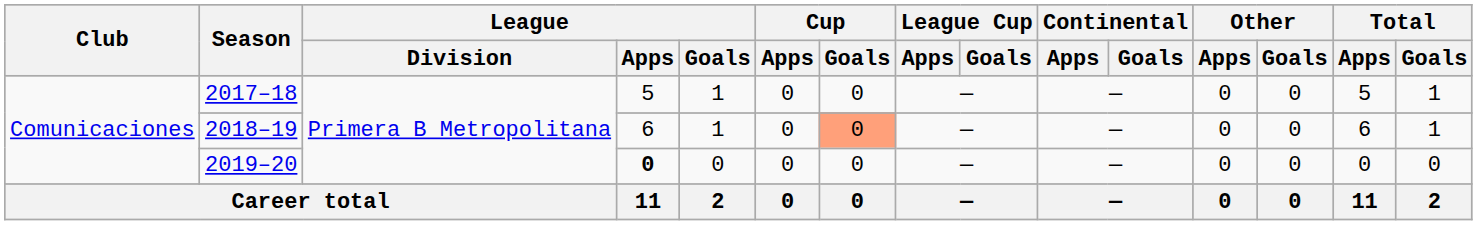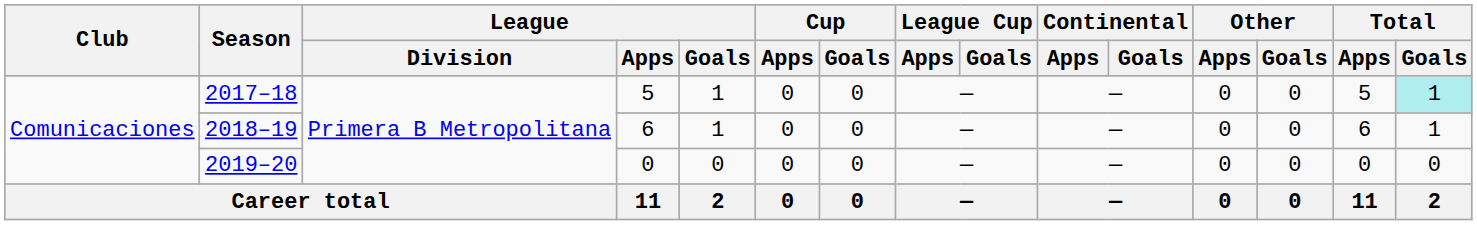 <table class="wikitable" style="text-align:center">
 <tr>
 <th rowspan="2">Club</th>
 <th rowspan="2">Season</th>
 <th colspan="3">League</th>
 <th colspan="2">Cup</th>
 <th colspan="2">League Cup</th>
 <th colspan="2">Continental</th>
 <th colspan="2">Other</th>
 <th colspan="2">Total</th>
 </tr>
 <tr>
 <th>Division</th>
 <th>Apps</th>
 <th>Goals</th>
 <th>Apps</th>
 <th>Goals</th>
 <th>Apps</th>
 <th>Goals</th>
 <th>Apps</th>
 <th>Goals</th>
 <th>Apps</th>
 <th>Goals</th>
 <th>Apps</th>
 <th>Goals</th>
 </tr>
 <tr>
 <td rowspan="3"><a href='#'>Comunicaciones</a></td>
 <td><a href='#'>2017–18</a></td>
 <td rowspan="3"><a href='#'>Primera B Metropolitana</a></td>
 <td>5</td>
 <td>1</td>
 <td>0</td>
 <td>0</td>
 <td colspan="2">—</td>
 <td colspan="2">—</td>
 <td>0</td>
 <td>0</td>
 <td>5</td>
-<td>1</td>
+<td style="background: paleturquoise;">1</td>
 </tr>
 <tr>
 <td><a href='#'>2018–19</a></td>
 <td>6</td>
 <td>1</td>
 <td>0</td>
-<td style="background: lightsalmon;">0</td>
+<td>0</td>
 <td colspan="2">—</td>
 <td colspan="2">—</td>
 <td>0</td>
 <td>0</td>
 <td>6</td>
 <td>1</td>
 </tr>
 <tr>
 <td><a href='#'>2019–20</a></td>
-<td><strong>0</strong></td>
+<td>0</td>
 <td>0</td>
 <td>0</td>
 <td>0</td>
 <td colspan="2">—</td>
 <td colspan="2">—</td>
 <td>0</td>
 <td>0</td>
 <td>0</td>
 <td>0</td>
 </tr>
 <tr>
 <th colspan="3">Career total</th>
 <th>11</th>
 <th>2</th>
 <th>0</th>
 <th>0</th>
 <th colspan="2">—</th>
 <th colspan="2">—</th>
 <th>0</th>
 <th>0</th>
 <th>11</th>
 <th>2</th>
 </tr>
 </table>
